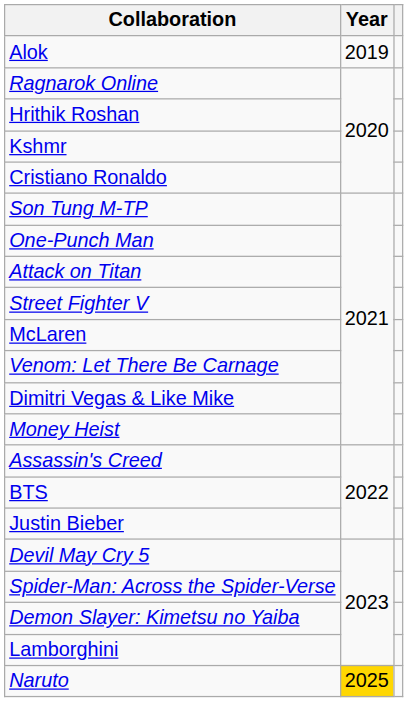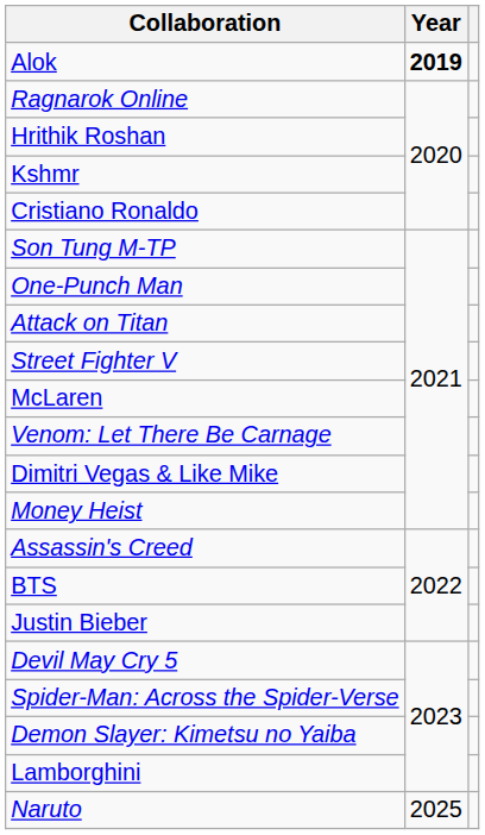 <table class="wikitable">
 <tr>
 <th>Collaboration</th>
 <th>Year</th>
 <th></th>
 </tr>
 <tr>
 <td><a href='#'>Alok</a></td>
-<td>2019</td>
+<td><strong>2019</strong></td>
 <td></td>
 </tr>
 <tr>
 <td><em><a href='#'>Ragnarok Online</a></em></td>
 <td rowspan="4">2020</td>
 <td></td>
 </tr>
 <tr>
 <td><a href='#'>Hrithik Roshan</a></td>
 <td></td>
 </tr>
 <tr>
 <td><a href='#'>Kshmr</a></td>
 <td></td>
 </tr>
 <tr>
 <td><a href='#'>Cristiano Ronaldo</a></td>
 <td></td>
 </tr>
 <tr>
 <td><em><a href='#'>Son Tung M-TP</a></em></td>
 <td rowspan="8">2021</td>
 <td></td>
 </tr>
 <tr>
 <td><em><a href='#'>One-Punch Man</a></em></td>
 <td></td>
 </tr>
 <tr>
 <td><em><a href='#'>Attack on Titan</a></em></td>
 <td></td>
 </tr>
 <tr>
 <td><em><a href='#'>Street Fighter V</a></em></td>
 <td></td>
 </tr>
 <tr>
 <td><a href='#'>McLaren</a></td>
 <td></td>
 </tr>
 <tr>
 <td><em><a href='#'>Venom: Let There Be Carnage</a></em></td>
 <td></td>
 </tr>
 <tr>
 <td><a href='#'>Dimitri Vegas & Like Mike</a></td>
 <td></td>
 </tr>
 <tr>
 <td><em><a href='#'>Money Heist</a></em></td>
 <td></td>
 </tr>
 <tr>
 <td><em><a href='#'>Assassin's Creed</a></em></td>
 <td rowspan="3">2022</td>
 <td></td>
 </tr>
 <tr>
 <td><a href='#'>BTS</a></td>
 <td></td>
 </tr>
 <tr>
 <td><a href='#'>Justin Bieber</a></td>
 <td></td>
 </tr>
 <tr>
 <td><em><a href='#'>Devil May Cry 5</a></em></td>
 <td rowspan="4">2023</td>
 <td></td>
 </tr>
 <tr>
 <td><em><a href='#'>Spider-Man: Across the Spider-Verse</a></em></td>
 <td></td>
 </tr>
 <tr>
 <td><em><a href='#'>Demon Slayer: Kimetsu no Yaiba</a></em></td>
 <td></td>
 </tr>
 <tr>
 <td><a href='#'>Lamborghini</a></td>
 <td></td>
 </tr>
 <tr>
 <td><em><a href='#'>Naruto</a></em></td>
-<td style="background: gold;">2025</td>
+<td>2025</td>
 <td></td>
 </tr>
 </table>
